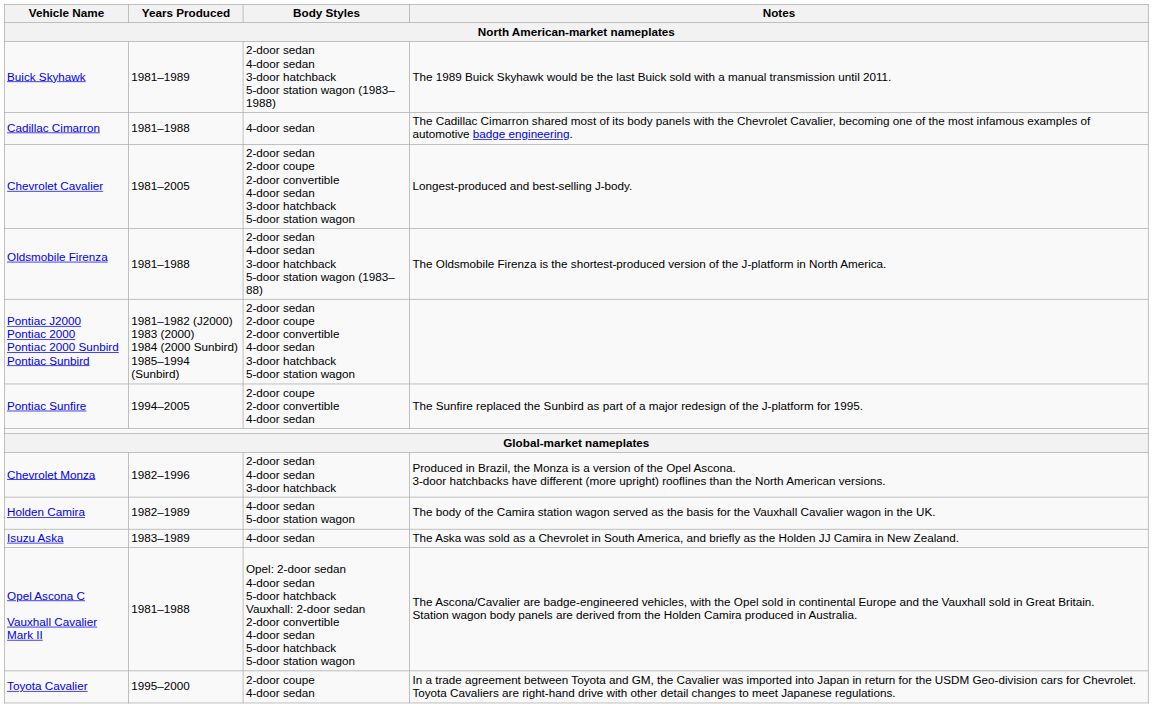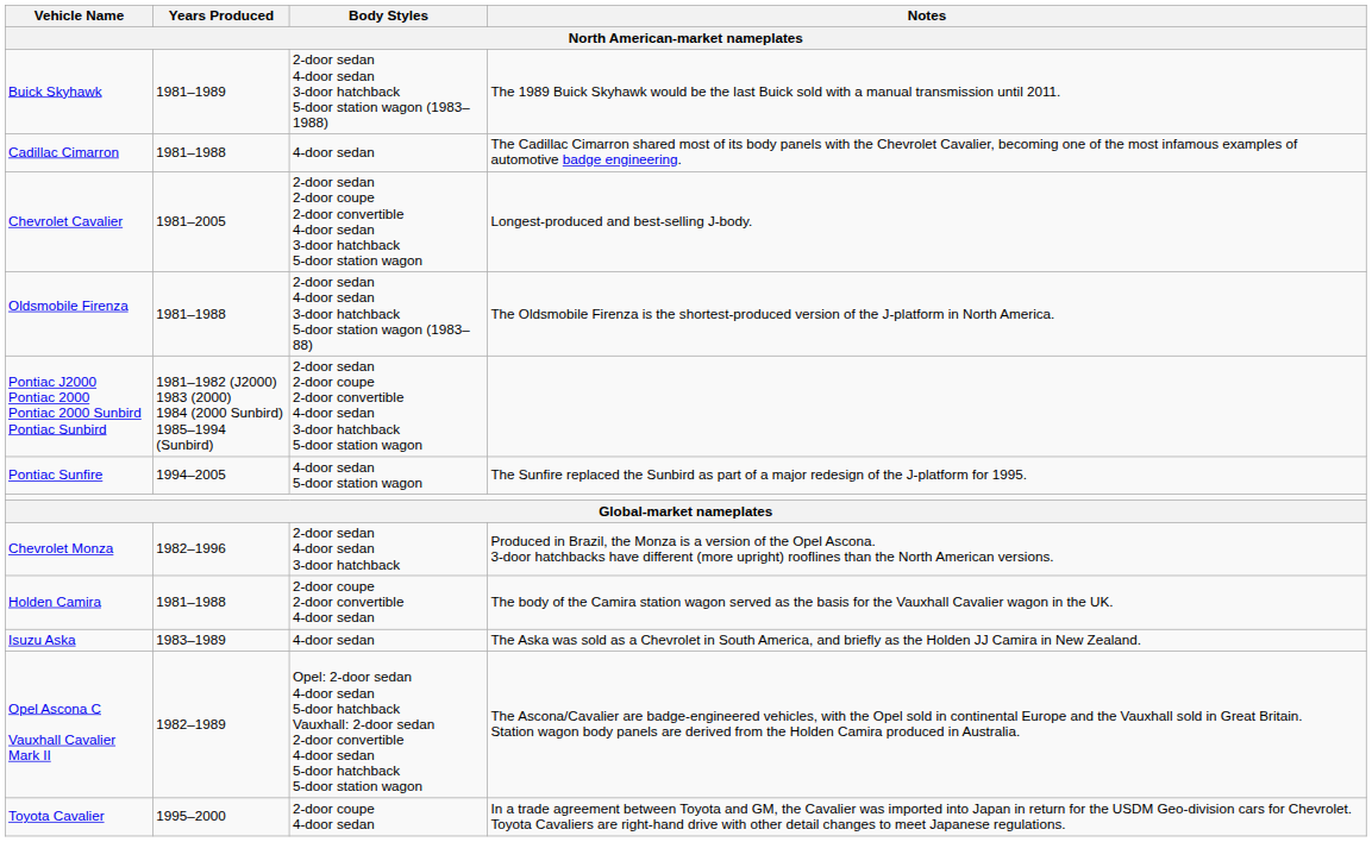 <table class="wikitable">
 <tr>
 <th>Vehicle Name</th>
 <th>Years Produced</th>
 <th>Body Styles</th>
 <th>Notes</th>
 </tr>
 <tr>
 <th colspan="4">North American-market nameplates</th>
 </tr>
 <tr>
 <td><a href='#'>Buick Skyhawk</a><br></td>
 <td>1981–1989</td>
 <td>2-door sedan<br>4-door sedan<br>3-door hatchback<br>5-door station wagon (1983–1988)</td>
 <td>The 1989 Buick Skyhawk would be the last Buick sold with a manual transmission until 2011.</td>
 </tr>
 <tr>
 <td><a href='#'>Cadillac Cimarron</a><br></td>
 <td>1981–1988</td>
 <td>4-door sedan</td>
 <td>The Cadillac Cimarron shared most of its body panels with the Chevrolet Cavalier, becoming one of the most infamous examples of automotive <a href='#'>badge engineering</a>.</td>
 </tr>
 <tr>
 <td><a href='#'>Chevrolet Cavalier</a><br>  </td>
 <td>1981–2005</td>
 <td>2-door sedan<br>2-door coupe<br>2-door convertible<br>4-door sedan<br>3-door hatchback<br>5-door station wagon</td>
 <td>Longest-produced and best-selling J-body.</td>
 </tr>
 <tr>
 <td><a href='#'>Oldsmobile Firenza</a><br><br></td>
 <td>1981–1988</td>
 <td>2-door sedan<br>4-door sedan<br>3-door hatchback<br>5-door station wagon (1983–88)</td>
 <td>The Oldsmobile Firenza is the shortest-produced version of the J-platform in North America.</td>
 </tr>
 <tr>
 <td><a href='#'>Pontiac J2000</a><br><a href='#'>Pontiac 2000</a><br><a href='#'>Pontiac 2000 Sunbird</a><br><a href='#'>Pontiac Sunbird</a><br> </td>
 <td><br>1981–1982 (J2000)<br>1983 (2000)<br>1984 (2000 Sunbird)<br>1985–1994 (Sunbird)</td>
 <td>2-door sedan<br>2-door coupe<br>2-door convertible<br>4-door sedan<br>3-door hatchback<br>5-door station wagon</td>
 <td></td>
 </tr>
 <tr>
 <td><a href='#'>Pontiac Sunfire</a><br>  </td>
 <td>1994–2005</td>
-<td>2-door coupe<br>2-door convertible<br>4-door sedan</td>
+<td>4-door sedan<br>5-door station wagon</td>
 <td>The Sunfire replaced the Sunbird as part of a major redesign of the J-platform for 1995.</td>
 </tr>
 <tr>
 <td colspan="4"></td>
 </tr>
 <tr>
 <th colspan="4">Global-market nameplates</th>
 </tr>
 <tr>
 <td><a href='#'>Chevrolet Monza</a><br></td>
 <td>1982–1996</td>
 <td>2-door sedan<br>4-door sedan<br>3-door hatchback</td>
 <td>Produced in Brazil, the Monza is a version of the Opel Ascona.<br>3-door hatchbacks have different (more upright) rooflines than the North American versions.</td>
 </tr>
 <tr>
 <td><a href='#'>Holden Camira</a><br></td>
-<td>1982–1989</td>
-<td>4-door sedan<br>5-door station wagon</td>
+<td>1981–1988</td>
+<td>2-door coupe<br>2-door convertible<br>4-door sedan</td>
 <td>The body of the Camira station wagon served as the basis for the Vauxhall Cavalier wagon in the UK.</td>
 </tr>
 <tr>
 <td><a href='#'>Isuzu Aska</a><br> </td>
 <td>1983–1989</td>
 <td>4-door sedan</td>
 <td>The Aska was sold as a Chevrolet in South America, and briefly as the Holden JJ Camira in New Zealand.</td>
 </tr>
 <tr>
 <td><br><a href='#'>Opel Ascona C</a><br><br><a href='#'>Vauxhall Cavalier Mark II</a><br></td>
-<td>1981–1988</td>
+<td>1982–1989</td>
 <td><br>Opel:  2-door sedan<br>4-door sedan<br>5-door hatchback<br>Vauxhall:  2-door sedan<br>2-door convertible<br>4-door sedan<br>5-door hatchback<br>5-door station wagon</td>
 <td>The Ascona/Cavalier are badge-engineered vehicles, with the Opel sold in continental Europe and the Vauxhall sold in Great Britain.  <br> Station wagon body panels are derived from the Holden Camira produced in Australia.</td>
 </tr>
 <tr>
 <td><a href='#'>Toyota Cavalier</a><br></td>
 <td>1995–2000</td>
 <td>2-door coupe<br>4-door sedan</td>
 <td>In a trade agreement between Toyota and GM, the Cavalier was imported into Japan in return for the USDM Geo-division cars for Chevrolet.<br>Toyota Cavaliers are right-hand drive with other detail changes to meet Japanese regulations.</td>
 </tr>
 </table>
